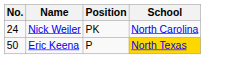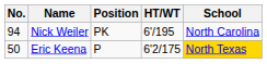 <table class="wikitable">
 <tr>
 <th>No.</th>
 <th>Name</th>
 <th>Position</th>
+<th>HT/WT</th>
 <th>School</th>
 </tr>
 <tr>
-<td>24</td>
+<td>94</td>
 <td><a href='#'>Nick Weiler</a></td>
 <td>PK</td>
+<td>6'/195</td>
 <td><a href='#'>North Carolina</a></td>
 </tr>
 <tr>
 <td>50</td>
 <td><a href='#'>Eric Keena</a></td>
 <td>P</td>
+<td>6'2/175</td>
 <td style="background: gold;"><a href='#'>North Texas</a></td>
 </tr>
 </table>
